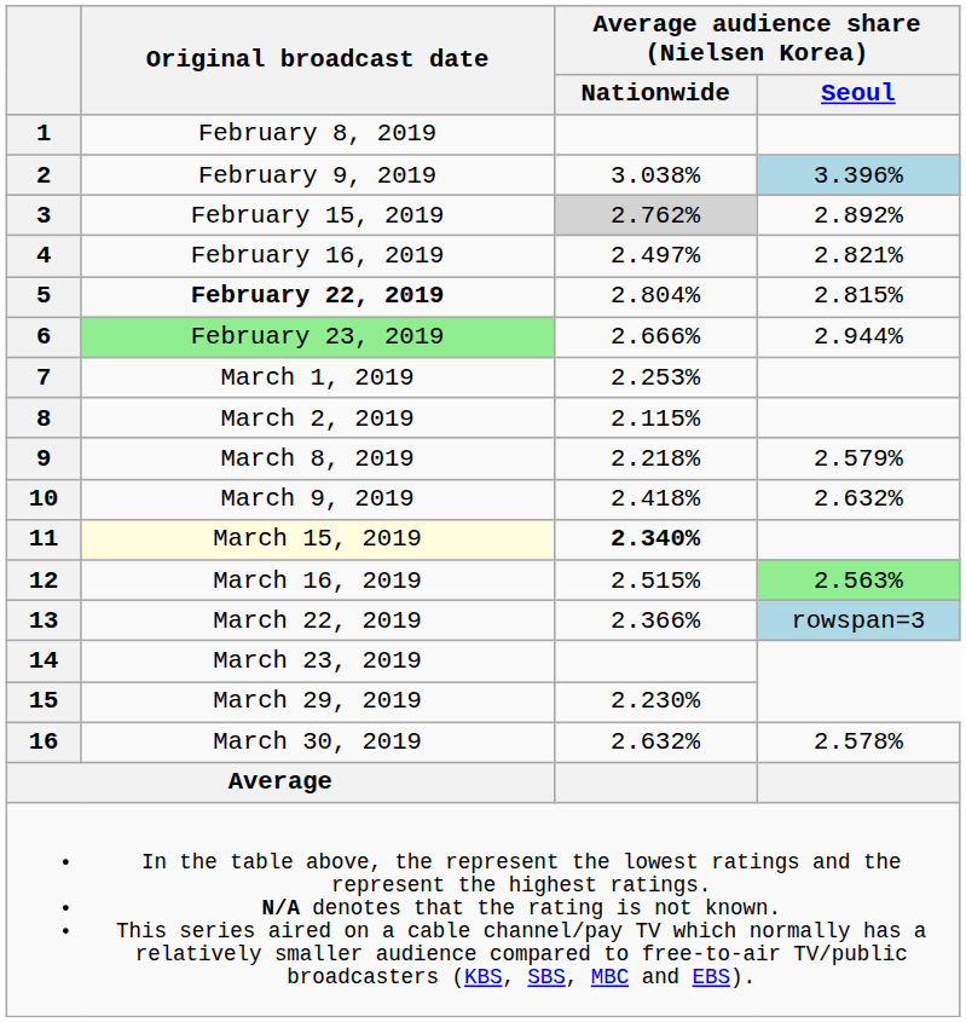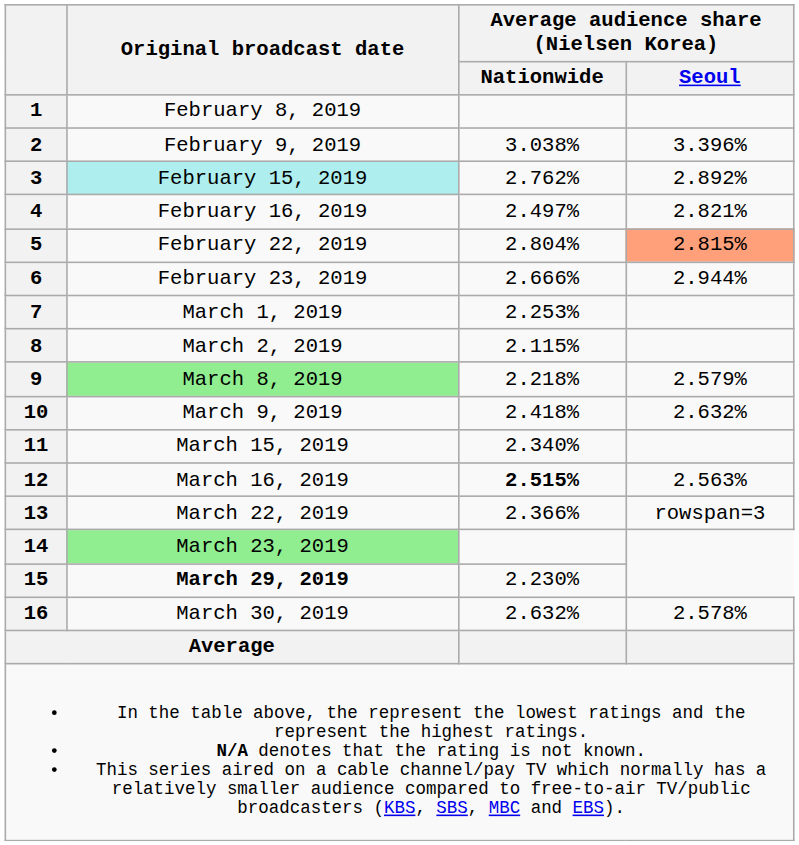 <table class="wikitable" style="text-align:center;max-width:500px; margin-left: auto; margin-right: auto; border: none;">
 <tr>
 </tr>
 <tr>
 <th rowspan="2"></th>
 <th rowspan="2">Original broadcast date</th>
 <th colspan="2">Average audience share<br>(Nielsen Korea)</th>
 </tr>
 <tr>
 <th width="100">Nationwide</th>
 <th width="100"><a href='#'>Seoul</a></th>
 </tr>
 <tr>
 <th>1</th>
 <td>February 8, 2019</td>
 <td></td>
 <td></td>
 </tr>
 <tr>
 <th>2</th>
 <td>February 9, 2019</td>
 <td>3.038%</td>
-<td style="background: lightblue;">3.396%</td>
+<td>3.396%</td>
 </tr>
 <tr>
 <th>3</th>
-<td>February 15, 2019</td>
-<td style="background: lightgrey;">2.762%</td>
+<td style="background: paleturquoise;">February 15, 2019</td>
+<td>2.762%</td>
 <td>2.892%</td>
 </tr>
 <tr>
 <th>4</th>
 <td>February 16, 2019</td>
 <td>2.497%</td>
 <td>2.821%</td>
 </tr>
 <tr>
 <th>5</th>
-<td><strong>February 22, 2019</strong></td>
+<td>February 22, 2019</td>
 <td>2.804%</td>
-<td>2.815%</td>
+<td style="background: lightsalmon;">2.815%</td>
 </tr>
 <tr>
 <th>6</th>
-<td style="background: lightgreen;">February 23, 2019</td>
+<td>February 23, 2019</td>
 <td>2.666%</td>
 <td>2.944%</td>
 </tr>
 <tr>
 <th>7</th>
 <td>March 1, 2019</td>
 <td>2.253%</td>
 <td></td>
 </tr>
 <tr>
 <th>8</th>
 <td>March 2, 2019</td>
 <td>2.115%</td>
 <td></td>
 </tr>
 <tr>
 <th>9</th>
-<td>March 8, 2019</td>
+<td style="background: lightgreen;">March 8, 2019</td>
 <td>2.218%</td>
 <td>2.579%</td>
 </tr>
 <tr>
 <th>10</th>
 <td>March 9, 2019</td>
 <td>2.418%</td>
 <td>2.632%</td>
 </tr>
 <tr>
 <th>11</th>
-<td style="background: lightyellow;">March 15, 2019</td>
-<td><strong>2.340%</strong></td>
+<td>March 15, 2019</td>
+<td>2.340%</td>
 <td></td>
 </tr>
 <tr>
 <th>12</th>
 <td>March 16, 2019</td>
-<td>2.515%</td>
-<td style="background: lightgreen;">2.563%</td>
+<td><strong>2.515%</strong></td>
+<td>2.563%</td>
 </tr>
 <tr>
 <th>13</th>
 <td>March 22, 2019</td>
 <td>2.366%</td>
-<td style="background: lightblue;">rowspan=3 </td>
+<td>rowspan=3 </td>
 </tr>
 <tr>
 <th>14</th>
-<td>March 23, 2019</td>
+<td style="background: lightgreen;">March 23, 2019</td>
 <td></td>
 </tr>
 <tr>
 <th>15</th>
-<td>March 29, 2019</td>
+<td><strong>March 29, 2019</strong></td>
 <td>2.230%</td>
 </tr>
 <tr>
 <th>16</th>
 <td>March 30, 2019</td>
 <td>2.632%</td>
 <td>2.578%</td>
 </tr>
 <tr>
 <th colspan="2">Average</th>
 <th></th>
 <th></th>
 </tr>
 <tr>
 <td colspan="4" style="font-size:85%"><br><ul><li>In the table above, the <strong></strong> represent the lowest ratings and the <strong></strong> represent the highest ratings.</li><li><strong>N/A</strong> denotes that the rating is not known.</li><li>This series aired on a cable channel/pay TV which normally has a relatively smaller audience compared to free-to-air TV/public broadcasters (<a href='#'>KBS</a>, <a href='#'>SBS</a>, <a href='#'>MBC</a> and <a href='#'>EBS</a>).</li></ul></td>
 </tr>
 </table>
